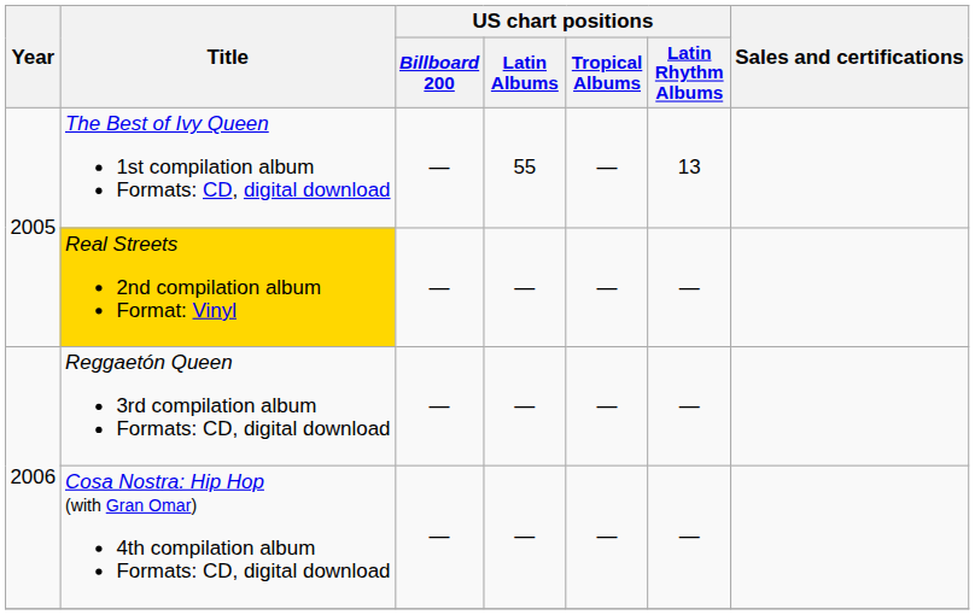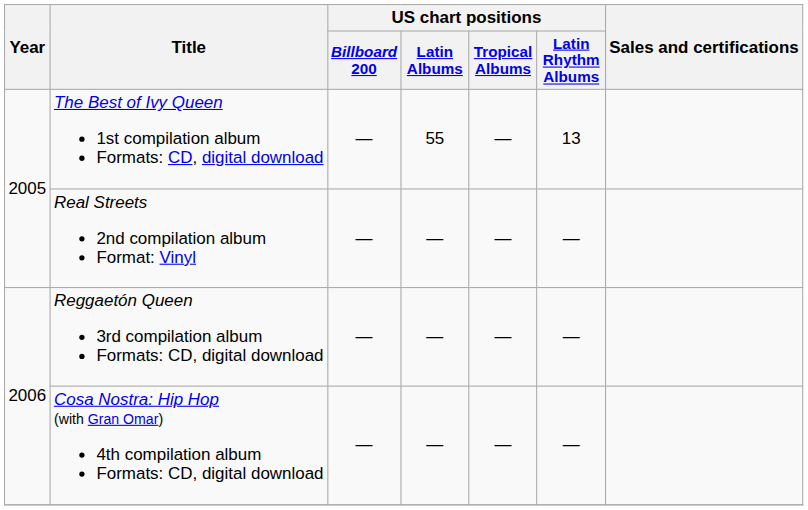 <table class="wikitable">
 <tr>
 <th rowspan="2">Year</th>
 <th rowspan="2">Title</th>
 <th colspan="4">US chart positions</th>
 <th rowspan="2">Sales and certifications</th>
 </tr>
 <tr>
 <th style="width:4em;font-size:90%"><a href='#'><em>Billboard</em> 200</a><br></th>
 <th style="width:4em;font-size:90%"><a href='#'>Latin Albums</a><br></th>
 <th style="width:4em;font-size:90%"><a href='#'>Tropical Albums</a><br></th>
 <th style="width:4em;font-size:90%"><a href='#'>Latin Rhythm Albums</a><br></th>
 </tr>
 <tr>
 <td rowspan="2">2005</td>
 <td><em><a href='#'>The Best of Ivy Queen</a></em><br><ul><li>1st compilation album</li><li>Formats: <a href='#'>CD</a>, <a href='#'>digital download</a></li></ul></td>
 <td align="center">—</td>
 <td align="center">55</td>
 <td align="center">—</td>
 <td align="center">13</td>
 <td></td>
 </tr>
 <tr>
-<td style="background: gold;"><em>Real Streets</em><br><ul><li>2nd compilation album</li><li>Format: <a href='#'>Vinyl</a></li></ul></td>
+<td><em>Real Streets</em><br><ul><li>2nd compilation album</li><li>Format: <a href='#'>Vinyl</a></li></ul></td>
 <td align="center">—</td>
 <td align="center">—</td>
 <td align="center">—</td>
 <td align="center">—</td>
 <td></td>
 </tr>
 <tr>
 <td rowspan="2">2006</td>
 <td><em>Reggaetón Queen</em><br><ul><li>3rd compilation album</li><li>Formats: CD, digital download</li></ul></td>
 <td align="center">—</td>
 <td align="center">—</td>
 <td align="center">—</td>
 <td align="center">—</td>
 <td></td>
 </tr>
 <tr>
 <td><em><a href='#'>Cosa Nostra: Hip Hop</a></em> <br><small>(with <a href='#'>Gran Omar</a>)</small><br><ul><li>4th compilation album</li><li>Formats: CD, digital download</li></ul></td>
 <td align="center">—</td>
 <td align="center">—</td>
 <td align="center">—</td>
 <td align="center">—</td>
 <td></td>
 </tr>
 <tr>
 </tr>
 </table>
